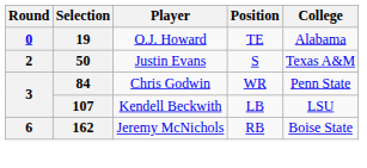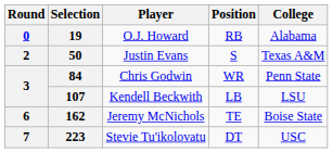 <table class="wikitable" style="text-align:center">
 <tr>
 <th>Round</th>
 <th>Selection</th>
 <th>Player</th>
 <th>Position</th>
 <th>College</th>
 </tr>
 <tr>
 <th><a href='#'>0</a></th>
 <th>19</th>
 <td><a href='#'>O.J. Howard</a></td>
-<td><a href='#'>TE</a></td>
+<td><a href='#'>RB</a></td>
 <td><a href='#'>Alabama</a></td>
 </tr>
 <tr>
 <th>2</th>
 <th>50</th>
 <td><a href='#'>Justin Evans</a></td>
 <td><a href='#'>S</a></td>
 <td><a href='#'>Texas A&M</a></td>
 </tr>
 <tr>
 <th rowspan=2>3</th>
 <th>84</th>
 <td><a href='#'>Chris Godwin</a></td>
 <td><a href='#'>WR</a></td>
 <td><a href='#'>Penn State</a></td>
 </tr>
 <tr>
 <th>107</th>
 <td><a href='#'>Kendell Beckwith</a></td>
 <td><a href='#'>LB</a></td>
 <td><a href='#'>LSU</a></td>
 </tr>
 <tr>
 <th>6</th>
 <th>162</th>
 <td><a href='#'>Jeremy McNichols</a></td>
-<td><a href='#'>RB</a></td>
+<td><a href='#'>TE</a></td>
 <td><a href='#'>Boise State</a></td>
 </tr>
+<tr>
+<th>7</th>
+<th>223</th>
+<td><a href='#'>Stevie Tu'ikolovatu</a></td>
+<td><a href='#'>DT</a></td>
+<td><a href='#'>USC</a></td>
+</tr>
 </table>
